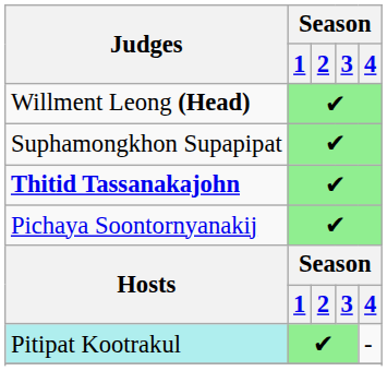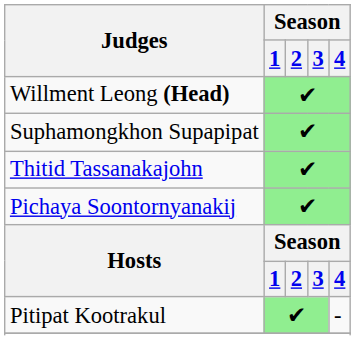 <table class="wikitable">
 <tr>
 <th rowspan="2">Judges</th>
 <th colspan="4">Season</th>
 </tr>
 <tr>
 <th><strong><a href='#'>1</a></strong></th>
 <th><strong><a href='#'>2</a></strong></th>
 <th><strong><a href='#'>3</a></strong></th>
 <th><strong><a href='#'>4</a></strong></th>
 </tr>
 <tr>
 <td>Willment Leong <strong>(Head)</strong></td>
 <td colspan="4" style = "background:lightgreen; text-align:center;">✔</td>
 </tr>
 <tr>
 <td>Suphamongkhon Supapipat</td>
 <td colspan="4" style = "background:lightgreen; text-align:center;">✔</td>
 </tr>
 <tr>
-<td><strong><a href='#'>Thitid Tassanakajohn</a></strong></td>
+<td><a href='#'>Thitid Tassanakajohn</a></td>
 <td colspan="4" style="background:lightgreen; text-align:center;">✔</td>
 </tr>
 <tr>
 <td><a href='#'>Pichaya Soontornyanakij</a></td>
 <td colspan="4" style = "background:lightgreen; text-align:center;">✔</td>
 </tr>
 <tr>
 <th rowspan="2">Hosts</th>
 <th colspan="4">Season</th>
 </tr>
 <tr>
 <th><strong><a href='#'>1</a></strong></th>
 <th><strong><a href='#'>2</a></strong></th>
 <th><strong><a href='#'>3</a></strong></th>
 <th><strong><a href='#'>4</a></strong></th>
 </tr>
 <tr>
-<td style="background: paleturquoise;">Pitipat Kootrakul</td>
+<td>Pitipat Kootrakul</td>
 <td colspan="3" style = "background:lightgreen; text-align:center;">✔</td>
 <td>-</td>
 </tr>
 <tr>
 </tr>
 <tr>
 </tr>
 </table>
